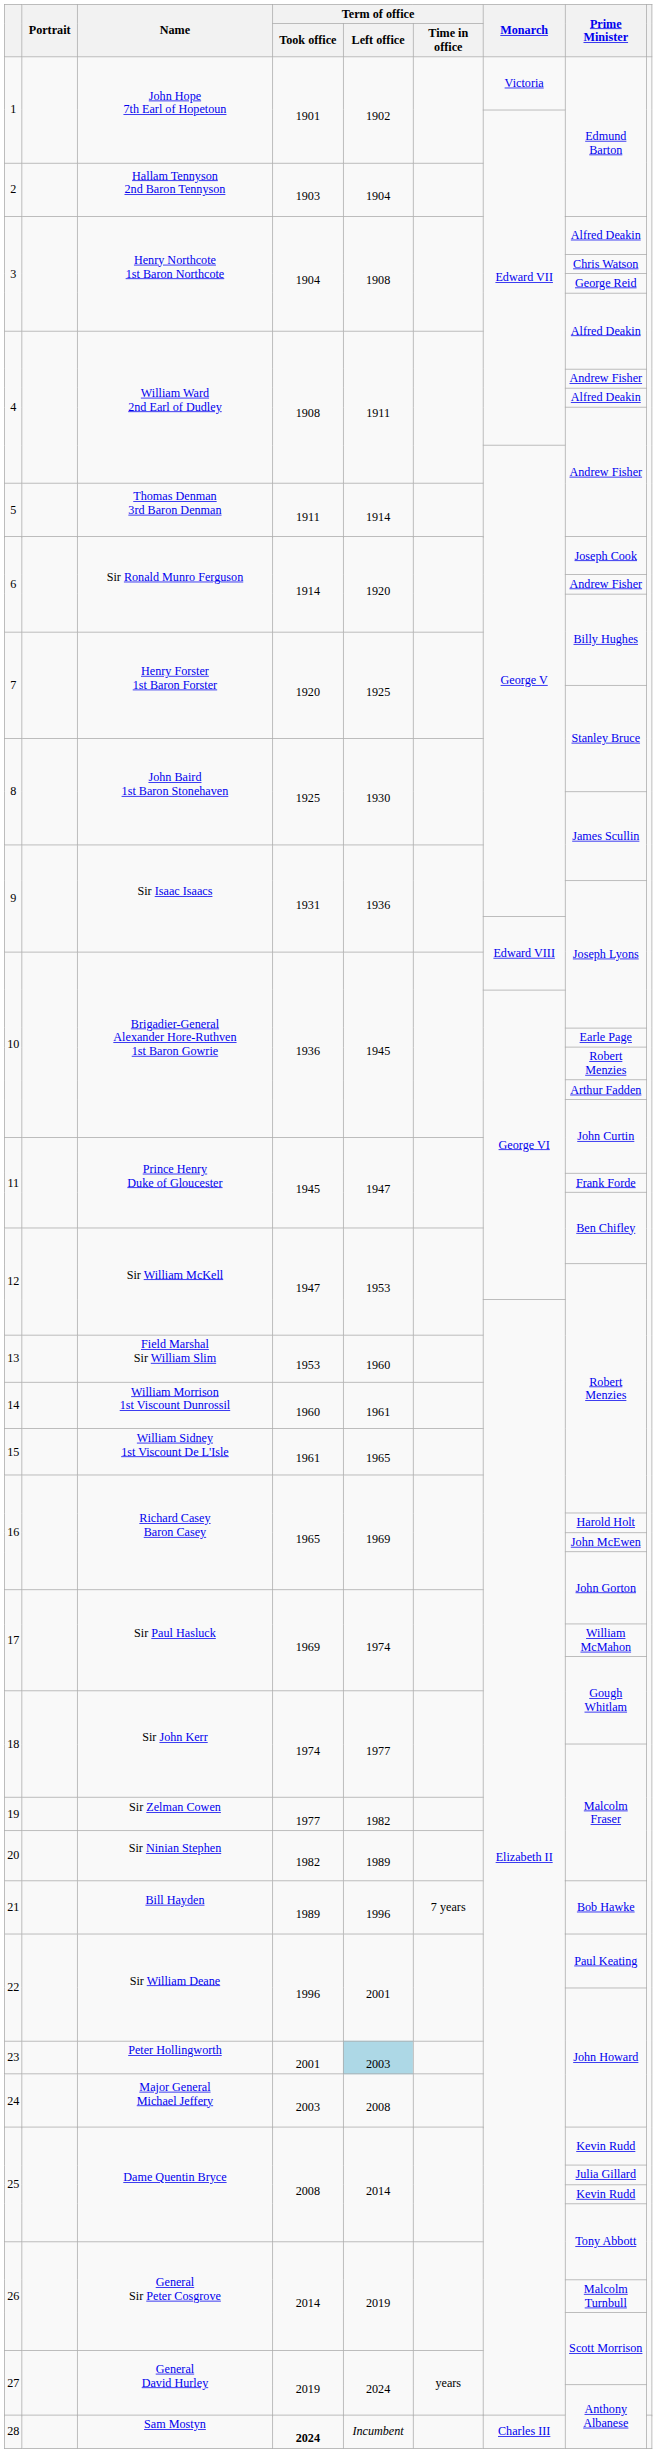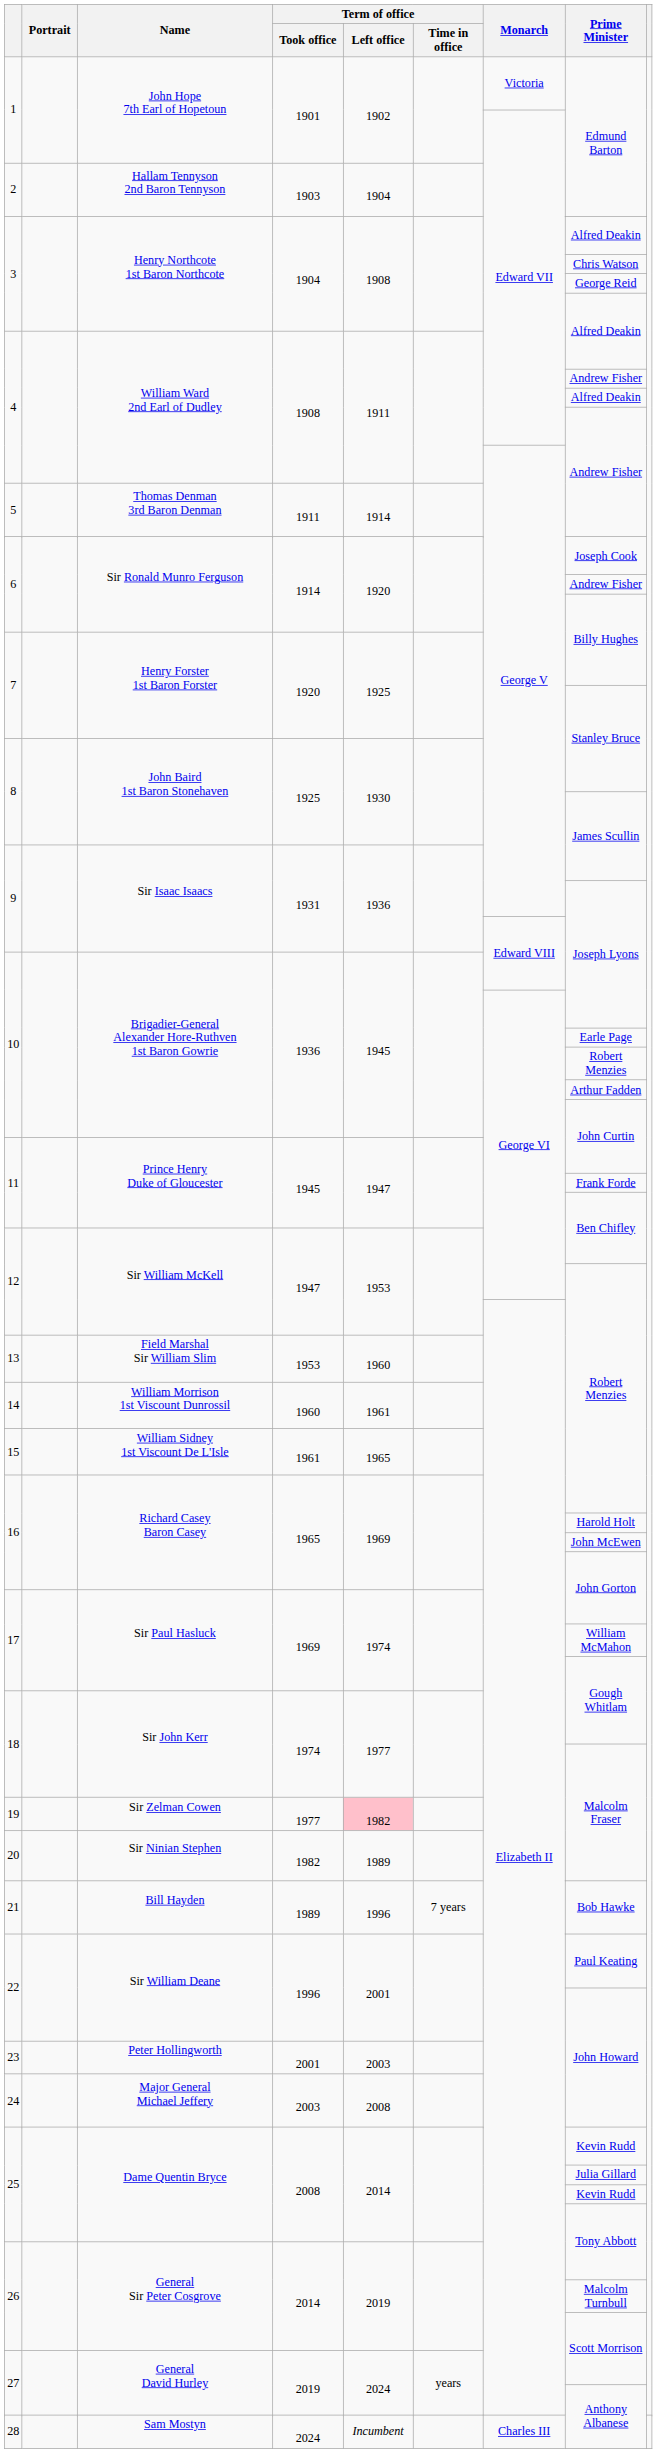 <table class="wikitable" style="text-align:center; border:1px #aaf solid;">
 <tr>
 <th rowspan="2"></th>
 <th rowspan="2" width="65">Portrait</th>
 <th rowspan="2" width="250">Name<br></th>
 <th colspan="3">Term of office</th>
 <th rowspan="2" width="100"><a href='#'>Monarch</a><br></th>
 <th rowspan="2" width="100"><a href='#'>Prime Minister</a><br></th>
 <th rowspan="2"></th>
 </tr>
 <tr>
 <th width="85">Took office</th>
 <th width="85">Left office</th>
 <th width="85">Time in office</th>
 </tr>
 <tr style="height:70px;">
 <td rowspan="2">1</td>
 <td rowspan="2"></td>
 <td rowspan="2"><a href='#'>John Hope<br>7th Earl of Hopetoun</a><br><br></td>
 <td rowspan="2"><br>1901</td>
 <td rowspan="2"><br>1902</td>
 <td rowspan="2"></td>
 <td><a href='#'>Victoria</a><br></td>
 <td rowspan="3"><br><a href='#'>Edmund Barton</a><br></td>
 <td rowspan="69"></td>
 </tr>
 <tr style="height:70px;">
 <td rowspan="11"><a href='#'>Edward VII</a><br></td>
 </tr>
 <tr style="height:70px;">
 <td rowspan="2">2</td>
 <td rowspan="2"></td>
 <td rowspan="2"><a href='#'>Hallam Tennyson<br>2nd Baron Tennyson</a><br><br></td>
 <td rowspan="2"><br>1903</td>
 <td rowspan="2"><br>1904</td>
 <td rowspan="2"></td>
 </tr>
 <tr>
 <td rowspan="2"><a href='#'>Alfred Deakin</a><br></td>
 </tr>
 <tr style="height:50px;">
 <td rowspan="4">3</td>
 <td rowspan="4"></td>
 <td rowspan="4"><a href='#'>Henry Northcote<br>1st Baron Northcote</a><br><br></td>
 <td rowspan="4"><br>1904</td>
 <td rowspan="4"><br>1908</td>
 <td rowspan="4"></td>
 </tr>
 <tr>
 <td><a href='#'>Chris Watson</a><br></td>
 </tr>
 <tr>
 <td><a href='#'>George Reid</a><br></td>
 </tr>
 <tr style="height:50px;">
 <td rowspan="2"><a href='#'>Alfred Deakin</a><br></td>
 </tr>
 <tr style="height:50px;">
 <td rowspan="5">4</td>
 <td rowspan="5"></td>
 <td rowspan="5"><a href='#'>William Ward<br>2nd Earl of Dudley</a><br><br></td>
 <td rowspan="5"><br>1908</td>
 <td rowspan="5"><br>1911</td>
 <td rowspan="5"></td>
 </tr>
 <tr>
 <td><a href='#'>Andrew Fisher</a><br></td>
 </tr>
 <tr>
 <td><a href='#'>Alfred Deakin</a><br></td>
 </tr>
 <tr style="height:50px;">
 <td rowspan="3"><a href='#'>Andrew Fisher</a><br></td>
 </tr>
 <tr style="height:50px;">
 <td rowspan="12"><a href='#'>George V</a><br></td>
 </tr>
 <tr style="height:70px;">
 <td rowspan="2">5</td>
 <td rowspan="2"></td>
 <td rowspan="2"><a href='#'>Thomas Denman<br>3rd Baron Denman</a><br><br></td>
 <td rowspan="2"><br>1911</td>
 <td rowspan="2"><br>1914</td>
 <td rowspan="2"></td>
 </tr>
 <tr>
 <td rowspan="2"><a href='#'>Joseph Cook</a><br></td>
 </tr>
 <tr style="height:50px;">
 <td rowspan="3">6</td>
 <td rowspan="3"></td>
 <td rowspan="3">Sir <a href='#'>Ronald Munro Ferguson</a><br><br></td>
 <td rowspan="3"><br>1914</td>
 <td rowspan="3"><br>1920</td>
 <td rowspan="3"></td>
 </tr>
 <tr>
 <td><a href='#'>Andrew Fisher</a><br></td>
 </tr>
 <tr style="height:50px;">
 <td rowspan="2"><a href='#'>Billy Hughes</a><br></td>
 </tr>
 <tr style="height:70px;">
 <td rowspan="2">7</td>
 <td rowspan="2"></td>
 <td rowspan="2"><a href='#'>Henry Forster<br>1st Baron Forster</a><br><br></td>
 <td rowspan="2"><br>1920</td>
 <td rowspan="2"><br>1925</td>
 <td rowspan="2"></td>
 </tr>
 <tr style="height:70px;">
 <td rowspan="2"><a href='#'>Stanley Bruce</a><br></td>
 </tr>
 <tr style="height:70px;">
 <td rowspan="2">8</td>
 <td rowspan="2"></td>
 <td rowspan="2"><a href='#'>John Baird<br>1st Baron Stonehaven</a><br><br></td>
 <td rowspan="2"><br>1925</td>
 <td rowspan="2"><br>1930</td>
 <td rowspan="2"></td>
 </tr>
 <tr style="height:70px;">
 <td rowspan="2"><a href='#'>James Scullin</a><br></td>
 </tr>
 <tr style="height:47px;">
 <td rowspan="3">9</td>
 <td rowspan="3"></td>
 <td rowspan="3">Sir <a href='#'>Isaac Isaacs</a><br><br></td>
 <td rowspan="3"><br>1931</td>
 <td rowspan="3"><br>1936</td>
 <td rowspan="3"></td>
 </tr>
 <tr style="height:47px;">
 <td rowspan="4"><a href='#'>Joseph Lyons</a><br></td>
 </tr>
 <tr style="height:47px;">
 <td rowspan="2"><a href='#'>Edward VIII</a><br></td>
 </tr>
 <tr style="height:50px;">
 <td rowspan="6">10</td>
 <td rowspan="6"></td>
 <td rowspan="6"><a href='#'>Brigadier-General</a><br><a href='#'>Alexander Hore-Ruthven<br>1st Baron Gowrie</a><br><br></td>
 <td rowspan="6"><br>1936</td>
 <td rowspan="6"><br>1945</td>
 <td rowspan="6"></td>
 </tr>
 <tr style="height:50px;">
 <td rowspan="10"><a href='#'>George VI</a><br></td>
 </tr>
 <tr>
 <td><a href='#'>Earle Page</a><br></td>
 </tr>
 <tr>
 <td><a href='#'>Robert Menzies</a><br></td>
 </tr>
 <tr>
 <td><a href='#'>Arthur Fadden</a><br></td>
 </tr>
 <tr style="height:50px;">
 <td rowspan="2"><a href='#'>John Curtin</a><br></td>
 </tr>
 <tr style="height:47px;">
 <td rowspan="3">11</td>
 <td rowspan="3"></td>
 <td rowspan="3"><a href='#'>Prince Henry<br>Duke of Gloucester</a><br><br></td>
 <td rowspan="3"><br>1945</td>
 <td rowspan="3"><br>1947</td>
 <td rowspan="3"></td>
 </tr>
 <tr>
 <td><a href='#'>Frank Forde</a><br></td>
 </tr>
 <tr style="height:47px;">
 <td rowspan="2"><a href='#'>Ben Chifley</a><br></td>
 </tr>
 <tr style="height:47px;">
 <td rowspan="3">12</td>
 <td rowspan="3"></td>
 <td rowspan="3">Sir <a href='#'>William McKell</a><br><br></td>
 <td rowspan="3"><br>1947</td>
 <td rowspan="3"><br>1953</td>
 <td rowspan="3"></td>
 </tr>
 <tr style="height:47px;">
 <td rowspan="6"><a href='#'>Robert Menzies</a><br></td>
 </tr>
 <tr style="height:47px;">
 <td rowspan="32"><a href='#'>Elizabeth II</a><br></td>
 </tr>
 <tr>
 <td>13</td>
 <td></td>
 <td><a href='#'>Field Marshal</a><br>Sir <a href='#'>William Slim</a><br><br></td>
 <td><br>1953</td>
 <td><br>1960</td>
 <td></td>
 </tr>
 <tr>
 <td>14</td>
 <td></td>
 <td><a href='#'>William Morrison<br>1st Viscount Dunrossil</a><br><br></td>
 <td><br>1960</td>
 <td><br>1961</td>
 <td></td>
 </tr>
 <tr>
 <td>15</td>
 <td></td>
 <td><a href='#'>William Sidney<br>1st Viscount De L'Isle</a><br><br></td>
 <td><br>1961</td>
 <td><br>1965</td>
 <td></td>
 </tr>
 <tr style="height:50px;">
 <td rowspan="4">16</td>
 <td rowspan="4"></td>
 <td rowspan="4"><a href='#'>Richard Casey<br>Baron Casey</a><br><br></td>
 <td rowspan="4"><br>1965</td>
 <td rowspan="4"><br>1969</td>
 <td rowspan="4"></td>
 </tr>
 <tr>
 <td><a href='#'>Harold Holt</a><br></td>
 </tr>
 <tr>
 <td><a href='#'>John McEwen</a><br></td>
 </tr>
 <tr style="height:50px;">
 <td rowspan="2"><a href='#'>John Gorton</a><br></td>
 </tr>
 <tr style="height:45px;">
 <td rowspan="3">17</td>
 <td rowspan="3"></td>
 <td rowspan="3">Sir <a href='#'>Paul Hasluck</a><br><br></td>
 <td rowspan="3"><br>1969</td>
 <td rowspan="3"><br>1974</td>
 <td rowspan="3"></td>
 </tr>
 <tr>
 <td><a href='#'>William McMahon</a><br></td>
 </tr>
 <tr style="height:45px;">
 <td rowspan="2"><a href='#'>Gough Whitlam</a><br></td>
 </tr>
 <tr style="height:70px;">
 <td rowspan="2">18</td>
 <td rowspan="2"></td>
 <td rowspan="2">Sir <a href='#'>John Kerr</a><br><br></td>
 <td rowspan="2"><br>1974</td>
 <td rowspan="2"><br>1977</td>
 <td rowspan="2"></td>
 </tr>
 <tr style="height:70px;">
 <td rowspan="3"><a href='#'>Malcolm Fraser</a><br></td>
 </tr>
 <tr>
 <td>19</td>
 <td></td>
 <td>Sir <a href='#'>Zelman Cowen</a><br><br></td>
 <td><br>1977</td>
-<td><br>1982</td>
+<td style="background: pink;"><br>1982</td>
 <td></td>
 </tr>
 <tr style="height:66px;">
 <td rowspan="2">20</td>
 <td rowspan="2"></td>
 <td rowspan="2">Sir <a href='#'>Ninian Stephen</a><br><br></td>
 <td rowspan="2"><br>1982</td>
 <td rowspan="2"><br>1989</td>
 <td rowspan="2"></td>
 </tr>
 <tr>
 <td rowspan="2"><a href='#'>Bob Hawke</a><br></td>
 </tr>
 <tr style="height:70px;">
 <td rowspan="2">21</td>
 <td rowspan="2"></td>
 <td rowspan="2"><a href='#'>Bill Hayden</a><br><br></td>
 <td rowspan="2"><br>1989</td>
 <td rowspan="2"><br>1996</td>
 <td rowspan="2">7 years</td>
 </tr>
 <tr>
 <td rowspan="2"><a href='#'>Paul Keating</a><br></td>
 </tr>
 <tr style="height:71px;">
 <td rowspan="2">22</td>
 <td rowspan="2"></td>
 <td rowspan="2">Sir <a href='#'>William Deane</a><br><br></td>
 <td rowspan="2"><br>1996</td>
 <td rowspan="2"><br>2001</td>
 <td rowspan="2"></td>
 </tr>
 <tr style="height:70px;">
 <td rowspan="3"><a href='#'>John Howard</a><br></td>
 </tr>
 <tr>
 <td>23</td>
 <td></td>
 <td><a href='#'>Peter Hollingworth</a><br><br></td>
 <td><br>2001</td>
-<td style="background: lightblue;"><br>2003</td>
+<td><br>2003</td>
 <td></td>
 </tr>
 <tr style="height:70px;">
 <td rowspan="2">24</td>
 <td rowspan="2"></td>
 <td rowspan="2"><a href='#'>Major General</a><br><a href='#'>Michael Jeffery</a><br><br></td>
 <td rowspan="2"><br>2003</td>
 <td rowspan="2"><br>2008</td>
 <td rowspan="2"></td>
 </tr>
 <tr>
 <td rowspan="2"><a href='#'>Kevin Rudd</a><br></td>
 </tr>
 <tr style="height:50px;">
 <td rowspan="4">25</td>
 <td rowspan="4"></td>
 <td rowspan="4"><a href='#'>Dame Quentin Bryce</a><br><br></td>
 <td rowspan="4"><br>2008</td>
 <td rowspan="4"><br>2014</td>
 <td rowspan="4"></td>
 </tr>
 <tr>
 <td><a href='#'>Julia Gillard</a><br></td>
 </tr>
 <tr>
 <td><a href='#'>Kevin Rudd</a><br></td>
 </tr>
 <tr style="height:50px;">
 <td rowspan="2"><a href='#'>Tony Abbott</a><br></td>
 </tr>
 <tr style="height:50px;">
 <td rowspan="3">26</td>
 <td rowspan="3"></td>
 <td rowspan="3"><a href='#'>General</a><br>Sir <a href='#'>Peter Cosgrove</a><br><br></td>
 <td rowspan="3"><br>2014</td>
 <td rowspan="3"><br>2019</td>
 <td rowspan="3"></td>
 </tr>
 <tr>
 <td><a href='#'>Malcolm Turnbull</a><br></td>
 </tr>
 <tr style="height:50px;">
 <td rowspan="2"><a href='#'>Scott Morrison</a><br></td>
 </tr>
 <tr style="height:45px;">
 <td rowspan="3">27</td>
 <td rowspan="3"></td>
 <td rowspan="3"><a href='#'>General</a><br><a href='#'>David Hurley</a><br><br></td>
 <td rowspan="3"><br>2019</td>
 <td rowspan="3"><br>2024</td>
 <td rowspan="3"> years</td>
 </tr>
 <tr style="height:40px;">
 <td rowspan="3"><a href='#'>Anthony Albanese</a><br></td>
 </tr>
 <tr>
 <td rowspan="2"><a href='#'>Charles III</a><br></td>
 </tr>
 <tr>
 <td>28</td>
 <td></td>
 <td><a href='#'>Sam Mostyn</a><br><br></td>
-<td><strong><br>2024</strong></td>
+<td><br>2024</td>
 <td><em>Incumbent</em></td>
 <td></td>
 <td></td>
 </tr>
 </table>
